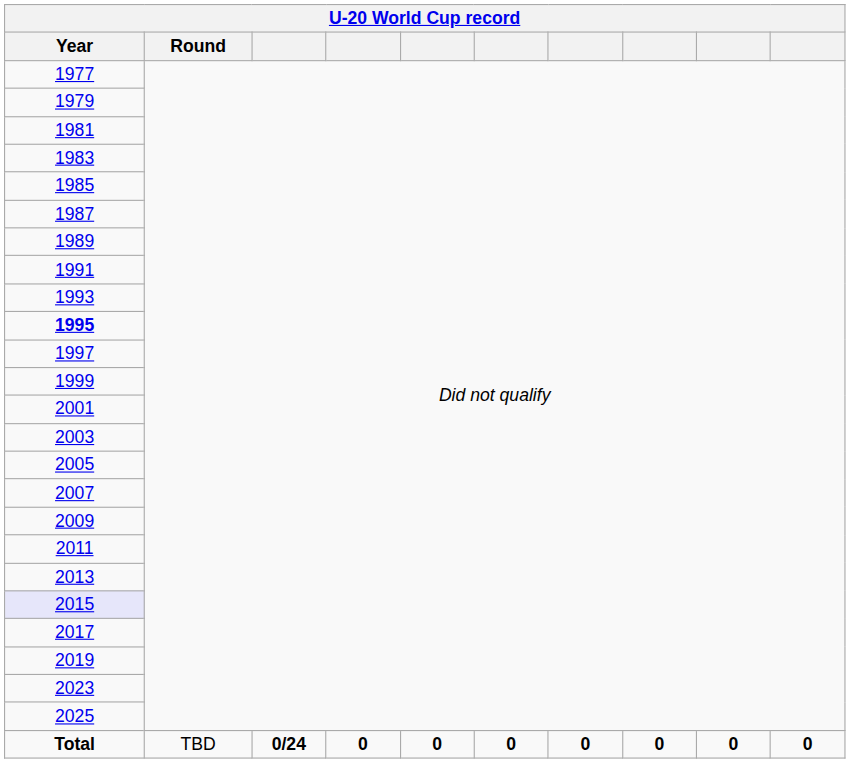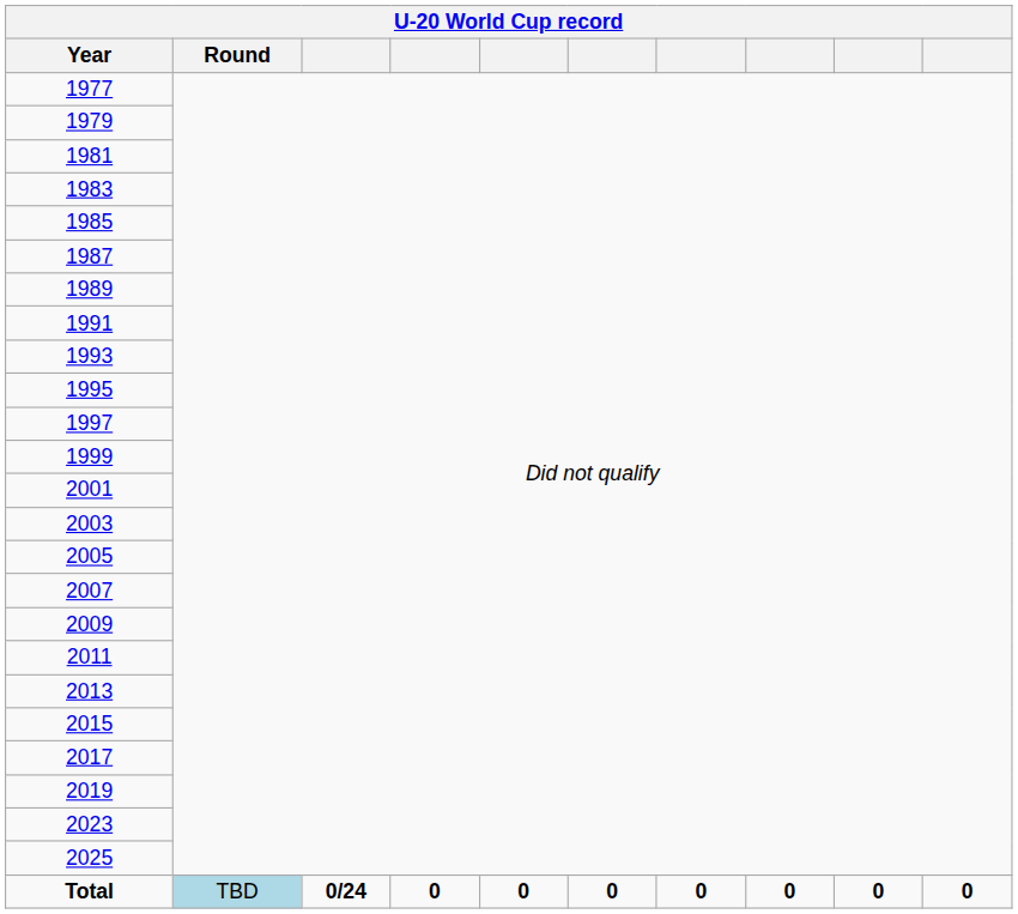 <table class="wikitable" style="text-align:center;">
 <tr>
 <th colspan="10"><a href='#'>U-20 World Cup record</a></th>
 </tr>
 <tr>
 <th width="120">Year</th>
 <th width="90">Round</th>
 <th width="60"></th>
 <th width="60"></th>
 <th width="60"></th>
 <th width="60"></th>
 <th width="60"></th>
 <th width="60"></th>
 <th width="60"></th>
 <th width="60"></th>
 </tr>
 <tr>
 <td> <a href='#'>1977</a></td>
 <td rowspan=24 colspan=9><em>Did not qualify</em></td>
 </tr>
 <tr>
 <td> <a href='#'>1979</a></td>
 </tr>
 <tr>
 <td> <a href='#'>1981</a></td>
 </tr>
 <tr>
 <td> <a href='#'>1983</a></td>
 </tr>
 <tr>
 <td> <a href='#'>1985</a></td>
 </tr>
 <tr>
 <td> <a href='#'>1987</a></td>
 </tr>
 <tr>
 <td> <a href='#'>1989</a></td>
 </tr>
 <tr>
 <td> <a href='#'>1991</a></td>
 </tr>
 <tr>
 <td> <a href='#'>1993</a></td>
 </tr>
 <tr>
-<td><strong> <a href='#'>1995</a></strong></td>
+<td> <a href='#'>1995</a></td>
 </tr>
 <tr>
 <td> <a href='#'>1997</a></td>
 </tr>
 <tr>
 <td> <a href='#'>1999</a></td>
 </tr>
 <tr>
 <td> <a href='#'>2001</a></td>
 </tr>
 <tr>
 <td> <a href='#'>2003</a></td>
 </tr>
 <tr>
 <td> <a href='#'>2005</a></td>
 </tr>
 <tr>
 <td> <a href='#'>2007</a></td>
 </tr>
 <tr>
 <td> <a href='#'>2009</a></td>
 </tr>
 <tr>
 <td> <a href='#'>2011</a></td>
 </tr>
 <tr>
 <td> <a href='#'>2013</a></td>
 </tr>
 <tr>
-<td style="background: lavender;"> <a href='#'>2015</a></td>
+<td> <a href='#'>2015</a></td>
 </tr>
 <tr>
 <td> <a href='#'>2017</a></td>
 </tr>
 <tr>
 <td> <a href='#'>2019</a></td>
 </tr>
 <tr>
 <td> <a href='#'>2023</a></td>
 </tr>
 <tr>
 <td> <a href='#'>2025</a></td>
 </tr>
 <tr>
 <td><strong>Total</strong></td>
-<td>TBD</td>
+<td style="background: lightblue;">TBD</td>
 <td><strong>0/24</strong></td>
 <td><strong>0</strong></td>
 <td><strong>0</strong></td>
 <td><strong>0</strong></td>
 <td><strong>0</strong></td>
 <td><strong>0</strong></td>
 <td><strong>0</strong></td>
 <td><strong>0</strong></td>
 </tr>
 </table>
